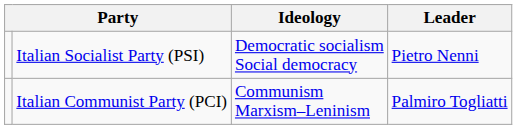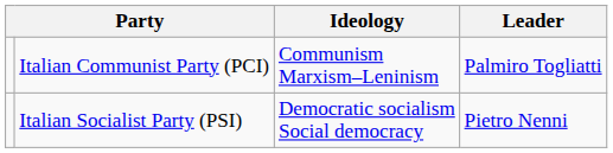 <table class="wikitable" style="text-align:left">
 <tr>
 <th colspan=2>Party</th>
 <th>Ideology</th>
 <th>Leader</th>
 </tr>
 <tr>
 <td style="background:"></td>
+<td><a href='#'>Italian Communist Party</a> (PCI)</td>
+<td><a href='#'>Communism</a><br><a href='#'>Marxism–Leninism</a></td>
+<td><a href='#'>Palmiro Togliatti</a></td>
+</tr>
+<tr>
+<td style="background:"></td>
 <td><a href='#'>Italian Socialist Party</a> (PSI)</td>
 <td><a href='#'>Democratic socialism</a><br><a href='#'>Social democracy</a></td>
 <td><a href='#'>Pietro Nenni</a></td>
 </tr>
-<tr>
-<td style="background:"></td>
-<td><a href='#'>Italian Communist Party</a> (PCI)</td>
-<td><a href='#'>Communism</a><br><a href='#'>Marxism–Leninism</a></td>
-<td><a href='#'>Palmiro Togliatti</a></td>
-</tr>
 </table>
